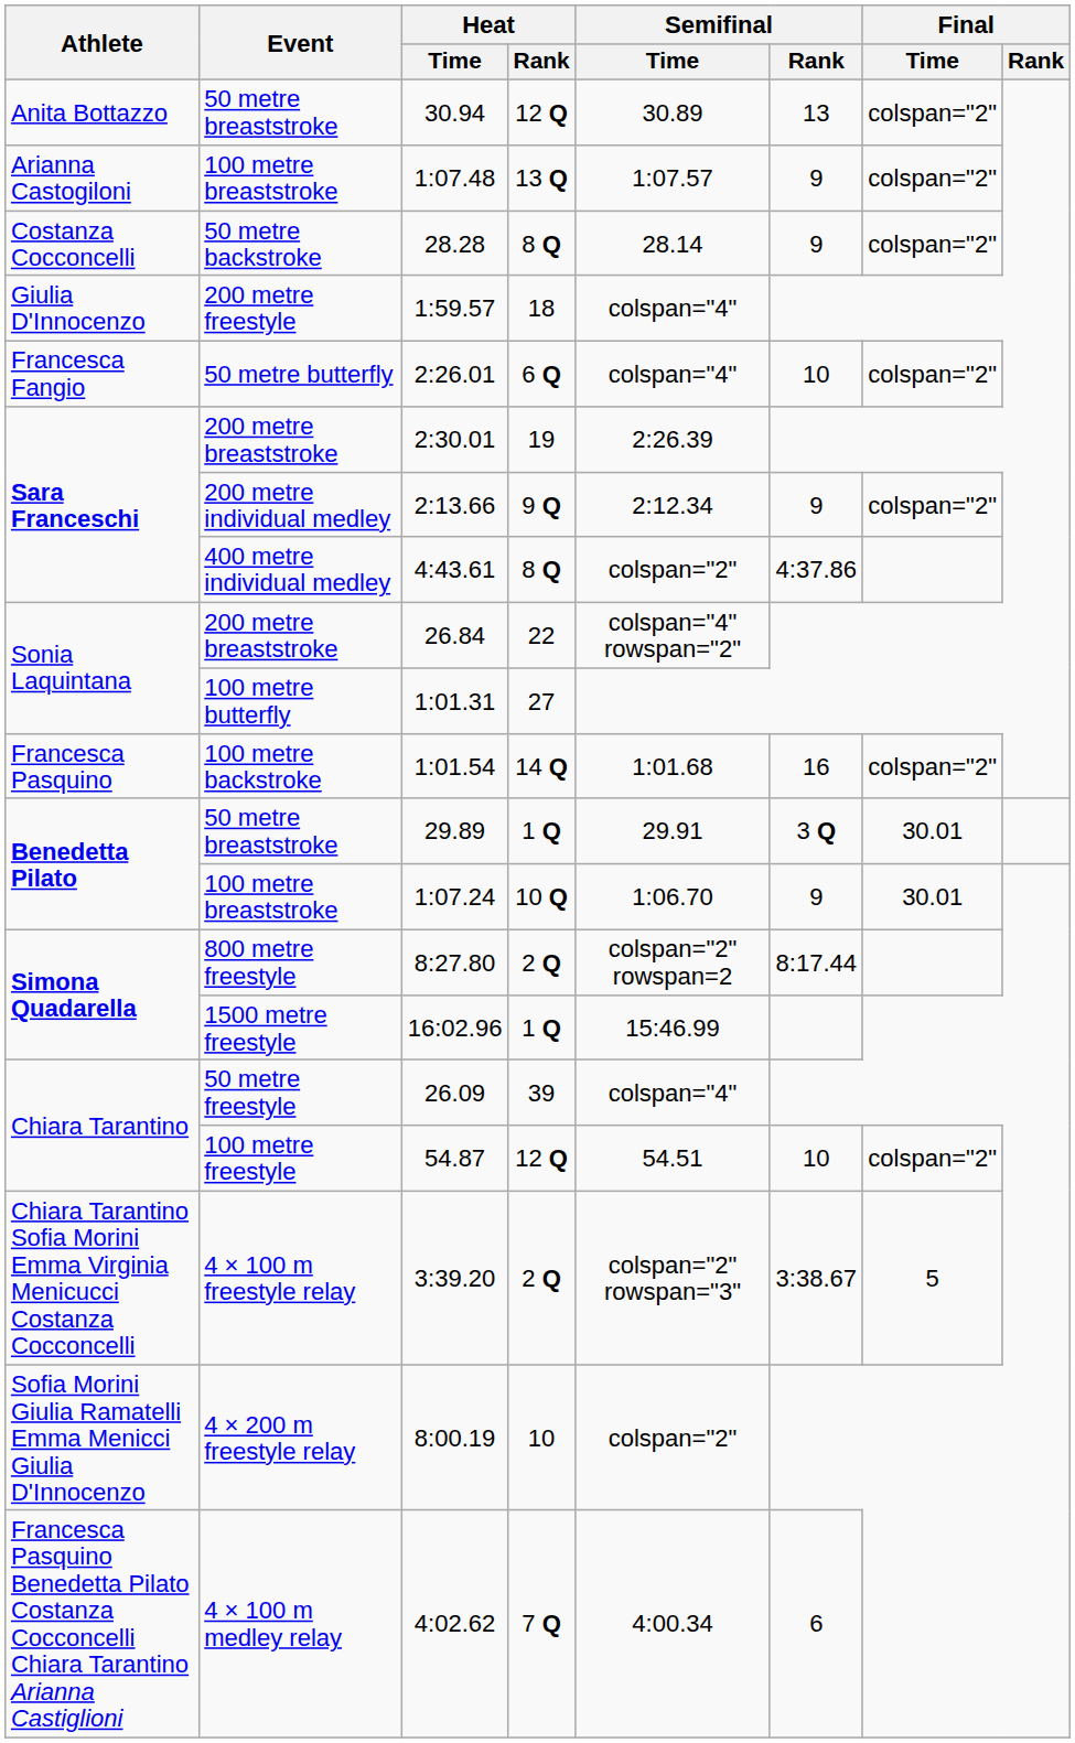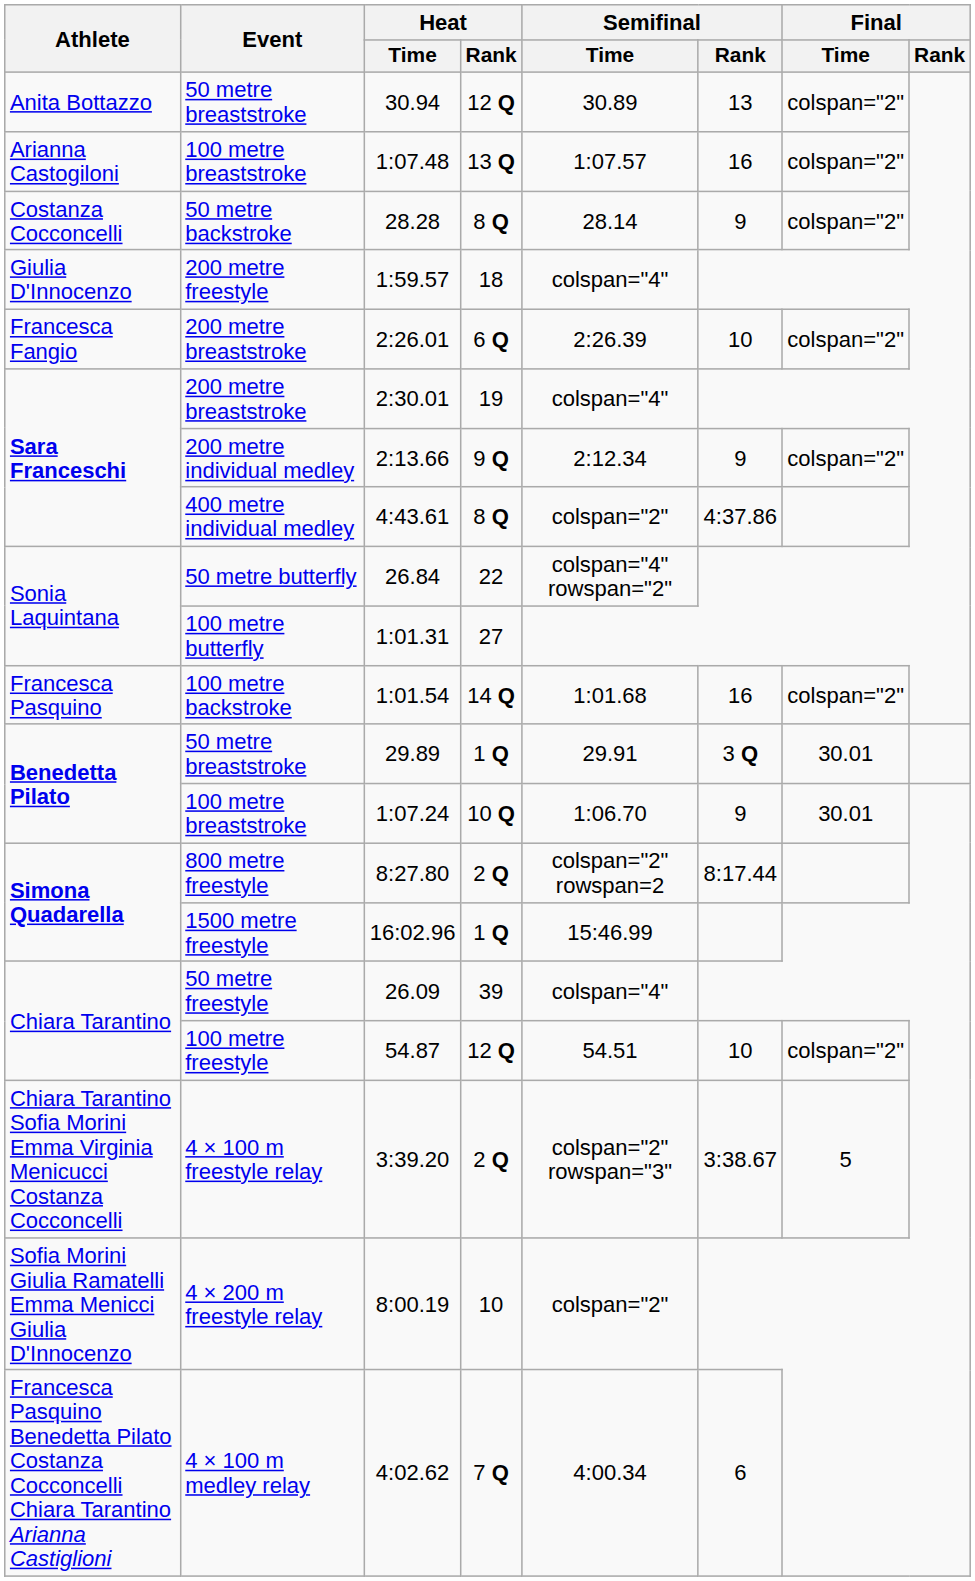 <table class="wikitable" style="text-align:center; font-size:90%; width:50%;">
 <tr>
 <th rowspan="2">Athlete</th>
 <th rowspan="2">Event</th>
 <th colspan="2">Heat</th>
 <th colspan="2">Semifinal</th>
 <th colspan="2">Final</th>
 </tr>
 <tr style="font-size:95%">
 <th>Time</th>
 <th>Rank</th>
 <th>Time</th>
 <th>Rank</th>
 <th>Time</th>
 <th>Rank</th>
 </tr>
 <tr align=center>
 <td align=left><a href='#'>Anita Bottazzo</a></td>
 <td align=left><a href='#'>50 metre breaststroke</a></td>
 <td>30.94</td>
 <td>12 <strong>Q</strong></td>
 <td>30.89</td>
 <td>13</td>
 <td>colspan="2" </td>
 </tr>
 <tr align=center>
 <td align=left><a href='#'>Arianna Castogiloni</a></td>
 <td align=left><a href='#'>100 metre breaststroke</a></td>
 <td>1:07.48</td>
 <td>13 <strong>Q</strong></td>
 <td>1:07.57</td>
-<td>9</td>
+<td>16</td>
 <td>colspan="2" </td>
 </tr>
 <tr align=center>
 <td align=left><a href='#'>Costanza Cocconcelli</a></td>
 <td align=left><a href='#'>50 metre backstroke</a></td>
 <td>28.28</td>
 <td>8 <strong>Q</strong></td>
 <td>28.14</td>
 <td>9</td>
 <td>colspan="2" </td>
 </tr>
 <tr align=center>
 <td align=left><a href='#'>Giulia D'Innocenzo</a></td>
 <td align=left><a href='#'>200 metre freestyle</a></td>
 <td>1:59.57</td>
 <td>18</td>
 <td>colspan="4" </td>
 </tr>
 <tr align=center>
 <td align=left><a href='#'>Francesca Fangio</a></td>
-<td align=left><a href='#'>50 metre butterfly</a></td>
+<td align=left><a href='#'>200 metre breaststroke</a></td>
 <td>2:26.01</td>
 <td>6 <strong>Q</strong></td>
-<td>colspan="4" </td>
+<td>2:26.39</td>
 <td>10</td>
 <td>colspan="2" </td>
 </tr>
 <tr align=center>
 <td align=left rowspan=3><strong><a href='#'>Sara Franceschi</a></strong></td>
 <td align=left><a href='#'>200 metre breaststroke</a></td>
 <td>2:30.01</td>
 <td>19</td>
-<td>2:26.39</td>
+<td>colspan="4" </td>
 </tr>
 <tr align=center>
 <td align=left><a href='#'>200 metre individual medley</a></td>
 <td>2:13.66</td>
 <td>9 <strong>Q</strong></td>
 <td>2:12.34</td>
 <td>9</td>
 <td>colspan="2" </td>
 </tr>
 <tr align=center>
 <td align=left><a href='#'>400 metre individual medley</a></td>
 <td>4:43.61</td>
 <td>8 <strong>Q</strong></td>
 <td>colspan="2" </td>
 <td>4:37.86</td>
 <td></td>
 </tr>
 <tr align=center>
 <td align=left rowspan="2"><a href='#'>Sonia Laquintana</a></td>
-<td align=left><a href='#'>200 metre breaststroke</a></td>
+<td align=left><a href='#'>50 metre butterfly</a></td>
 <td>26.84</td>
 <td>22</td>
 <td>colspan="4" rowspan="2" </td>
 </tr>
 <tr align=center>
 <td align=left><a href='#'>100 metre butterfly</a></td>
 <td>1:01.31</td>
 <td>27</td>
 </tr>
 <tr align=center>
 <td align=left><a href='#'>Francesca Pasquino</a></td>
 <td align=left><a href='#'>100 metre backstroke</a></td>
 <td>1:01.54</td>
 <td>14 <strong>Q</strong></td>
 <td>1:01.68</td>
 <td>16</td>
 <td>colspan="2" </td>
 </tr>
 <tr align=center>
 <td align=left rowspan=2><strong><a href='#'>Benedetta Pilato</a></strong></td>
 <td align=left><a href='#'>50 metre breaststroke</a></td>
 <td>29.89</td>
 <td>1 <strong>Q</strong></td>
 <td>29.91</td>
 <td>3 <strong>Q</strong></td>
 <td>30.01</td>
 <td></td>
 </tr>
 <tr align=center>
 <td align=left><a href='#'>100 metre breaststroke</a></td>
 <td>1:07.24</td>
 <td>10 <strong>Q</strong></td>
 <td>1:06.70</td>
 <td>9</td>
 <td>30.01</td>
 </tr>
 <tr align=center>
 <td align=left rowspan=2><strong><a href='#'>Simona Quadarella</a></strong></td>
 <td align=left><a href='#'>800 metre freestyle</a></td>
 <td>8:27.80</td>
 <td>2 <strong>Q</strong></td>
 <td>colspan="2" rowspan=2 </td>
 <td>8:17.44</td>
 <td></td>
 </tr>
 <tr align=center>
 <td align=left><a href='#'>1500 metre freestyle</a></td>
 <td>16:02.96</td>
 <td>1 <strong>Q</strong></td>
 <td>15:46.99</td>
 <td></td>
 </tr>
 <tr align=center>
 <td align=left rowspan="2"><a href='#'>Chiara Tarantino</a></td>
 <td align=left><a href='#'>50 metre freestyle</a></td>
 <td>26.09</td>
 <td>39</td>
 <td>colspan="4" </td>
 </tr>
 <tr align=center>
 <td align=left><a href='#'>100 metre freestyle</a></td>
 <td>54.87</td>
 <td>12 <strong>Q</strong></td>
 <td>54.51</td>
 <td>10</td>
 <td>colspan="2" </td>
 </tr>
 <tr>
 <td align=left><a href='#'>Chiara Tarantino</a> <br><a href='#'>Sofia Morini</a> <br><a href='#'>Emma Virginia Menicucci</a><br><a href='#'>Costanza Cocconcelli</a></td>
 <td align=left><a href='#'>4 × 100 m freestyle relay</a></td>
 <td>3:39.20</td>
 <td>2 <strong>Q</strong></td>
 <td>colspan="2" rowspan="3" </td>
 <td>3:38.67</td>
 <td>5</td>
 </tr>
 <tr>
 <td align=left><a href='#'>Sofia Morini</a><br><a href='#'>Giulia Ramatelli</a><br><a href='#'>Emma Menicci</a> <br><a href='#'>Giulia D'Innocenzo</a></td>
 <td align=left><a href='#'>4 × 200 m freestyle relay</a></td>
 <td>8:00.19</td>
 <td>10</td>
 <td>colspan="2" </td>
 </tr>
 <tr>
 <td align=left><a href='#'>Francesca Pasquino</a> <br><a href='#'>Benedetta Pilato</a> <br><a href='#'>Costanza Cocconcelli</a><br><a href='#'>Chiara Tarantino</a><br><em><a href='#'>Arianna Castiglioni</a></em></td>
 <td align=left><a href='#'>4 × 100 m medley relay</a></td>
 <td>4:02.62</td>
 <td>7 <strong>Q</strong></td>
 <td>4:00.34</td>
 <td>6</td>
 </tr>
 </table>
